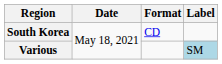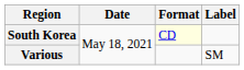 <table class="wikitable plainrowheaders">
 <tr>
 <th>Region</th>
 <th>Date</th>
 <th>Format</th>
 <th>Label</th>
 </tr>
 <tr>
 <th scope="row">South Korea</th>
 <td rowspan="2">May 18, 2021</td>
-<td {{hlist><a href='#'>CD</a></td>
+<td {{hlist style="background: lightyellow;"><a href='#'>CD</a></td>
 <td></td>
 </tr>
 <tr>
 <th scope="row">Various</th>
 <td></td>
-<td style="background: lightblue;">SM</td>
+<td>SM</td>
 </tr>
 </table>
